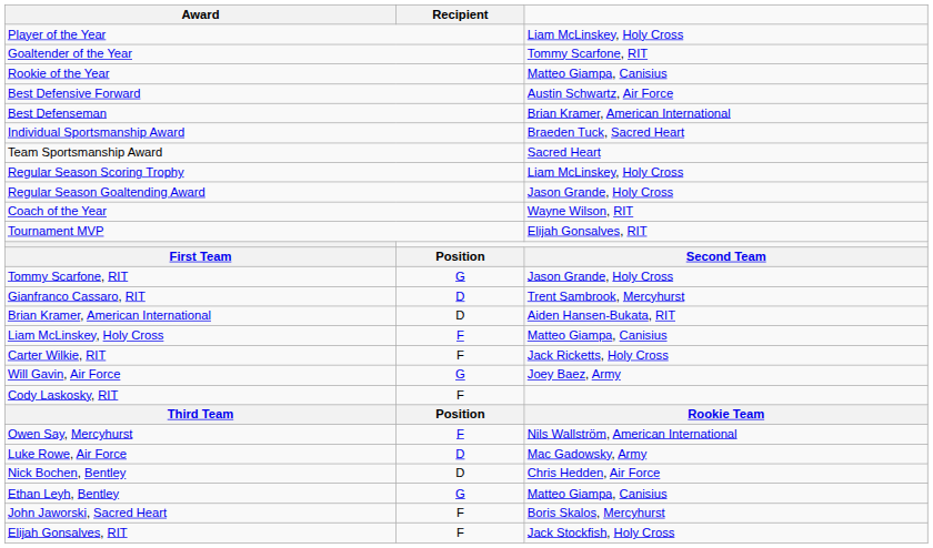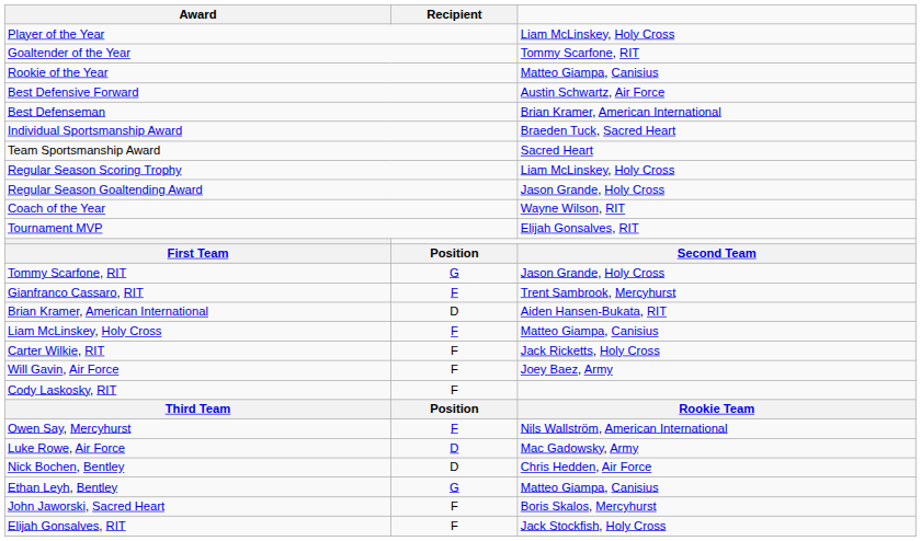 <table class="wikitable" width=75%>
 <tr>
 <th>Award</th>
 <th>Recipient </th>
 </tr>
 <tr>
 <td colspan=2><a href='#'>Player of the Year</a></td>
 <td><a href='#'>Liam McLinskey</a>, <a href='#'>Holy Cross</a></td>
 </tr>
 <tr>
 <td colspan=2><a href='#'>Goaltender of the Year</a></td>
 <td><a href='#'>Tommy Scarfone</a>, <a href='#'>RIT</a></td>
 </tr>
 <tr>
 <td colspan=2><a href='#'>Rookie of the Year</a></td>
 <td><a href='#'>Matteo Giampa</a>, <a href='#'>Canisius</a></td>
 </tr>
 <tr>
 <td colspan=2><a href='#'>Best Defensive Forward</a></td>
 <td><a href='#'>Austin Schwartz</a>, <a href='#'>Air Force</a></td>
 </tr>
 <tr>
 <td colspan=2><a href='#'>Best Defenseman</a></td>
 <td><a href='#'>Brian Kramer</a>, <a href='#'>American International</a></td>
 </tr>
 <tr>
 <td colspan=2><a href='#'>Individual Sportsmanship Award</a></td>
 <td><a href='#'>Braeden Tuck</a>, <a href='#'>Sacred Heart</a></td>
 </tr>
 <tr>
 <td colspan=2>Team Sportsmanship Award</td>
 <td><a href='#'>Sacred Heart</a></td>
 </tr>
 <tr>
 <td colspan=2><a href='#'>Regular Season Scoring Trophy</a></td>
 <td><a href='#'>Liam McLinskey</a>, <a href='#'>Holy Cross</a></td>
 </tr>
 <tr>
 <td colspan=2><a href='#'>Regular Season Goaltending Award</a></td>
 <td><a href='#'>Jason Grande</a>, <a href='#'>Holy Cross</a></td>
 </tr>
 <tr>
 <td colspan=2><a href='#'>Coach of the Year</a></td>
 <td><a href='#'>Wayne Wilson</a>, <a href='#'>RIT</a></td>
 </tr>
 <tr>
 <td colspan=2><a href='#'>Tournament MVP</a></td>
 <td><a href='#'>Elijah Gonsalves</a>, <a href='#'>RIT</a></td>
 </tr>
 <tr>
 <th><a href='#'></a></th>
 </tr>
 <tr>
 <th><a href='#'>First Team</a></th>
 <th>  Position  </th>
 <th><a href='#'>Second Team</a></th>
 </tr>
 <tr>
 <td><a href='#'>Tommy Scarfone</a>, <a href='#'>RIT</a></td>
 <td align=center><a href='#'>G</a></td>
 <td><a href='#'>Jason Grande</a>, <a href='#'>Holy Cross</a></td>
 </tr>
 <tr>
 <td><a href='#'>Gianfranco Cassaro</a>, <a href='#'>RIT</a></td>
-<td align=center><a href='#'>D</a></td>
+<td align=center><a href='#'>F</a></td>
 <td><a href='#'>Trent Sambrook</a>, <a href='#'>Mercyhurst</a></td>
 </tr>
 <tr>
 <td><a href='#'>Brian Kramer</a>, <a href='#'>American International</a></td>
 <td align=center>D</td>
 <td><a href='#'>Aiden Hansen-Bukata</a>, <a href='#'>RIT</a></td>
 </tr>
 <tr>
 <td><a href='#'>Liam McLinskey</a>, <a href='#'>Holy Cross</a></td>
 <td align=center><a href='#'>F</a></td>
 <td><a href='#'>Matteo Giampa</a>, <a href='#'>Canisius</a></td>
 </tr>
 <tr>
 <td><a href='#'>Carter Wilkie</a>, <a href='#'>RIT</a></td>
 <td align=center>F</td>
 <td><a href='#'>Jack Ricketts</a>, <a href='#'>Holy Cross</a></td>
 </tr>
 <tr>
 <td><a href='#'>Will Gavin</a>, <a href='#'>Air Force</a></td>
-<td align=center><a href='#'>G</a></td>
+<td align=center>F</td>
 <td><a href='#'>Joey Baez</a>, <a href='#'>Army</a></td>
 </tr>
 <tr>
 <td><a href='#'>Cody Laskosky</a>, <a href='#'>RIT</a></td>
 <td align=center>F</td>
 <td></td>
 </tr>
 <tr>
 <th><a href='#'>Third Team</a></th>
 <th>  Position  </th>
 <th><a href='#'>Rookie Team</a></th>
 </tr>
 <tr>
 <td><a href='#'>Owen Say</a>, <a href='#'>Mercyhurst</a></td>
 <td align=center><a href='#'>F</a></td>
 <td><a href='#'>Nils Wallström</a>, <a href='#'>American International</a></td>
 </tr>
 <tr>
 <td><a href='#'>Luke Rowe</a>, <a href='#'>Air Force</a></td>
 <td align=center><a href='#'>D</a></td>
 <td><a href='#'>Mac Gadowsky</a>, <a href='#'>Army</a></td>
 </tr>
 <tr>
 <td><a href='#'>Nick Bochen</a>, <a href='#'>Bentley</a></td>
 <td align=center>D</td>
 <td><a href='#'>Chris Hedden</a>, <a href='#'>Air Force</a></td>
 </tr>
 <tr>
 <td><a href='#'>Ethan Leyh</a>, <a href='#'>Bentley</a></td>
 <td align=center><a href='#'>G</a></td>
 <td><a href='#'>Matteo Giampa</a>, <a href='#'>Canisius</a></td>
 </tr>
 <tr>
 <td><a href='#'>John Jaworski</a>, <a href='#'>Sacred Heart</a></td>
 <td align=center>F</td>
 <td><a href='#'>Boris Skalos</a>, <a href='#'>Mercyhurst</a></td>
 </tr>
 <tr>
 <td><a href='#'>Elijah Gonsalves</a>, <a href='#'>RIT</a></td>
 <td align=center>F</td>
 <td><a href='#'>Jack Stockfish</a>, <a href='#'>Holy Cross</a></td>
 </tr>
 </table>
